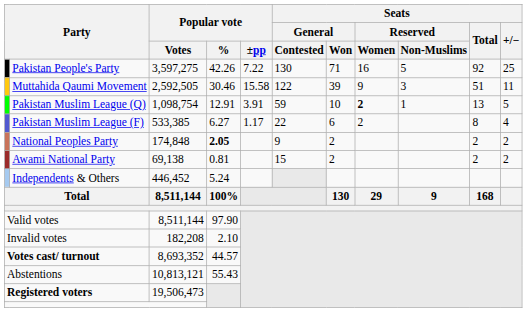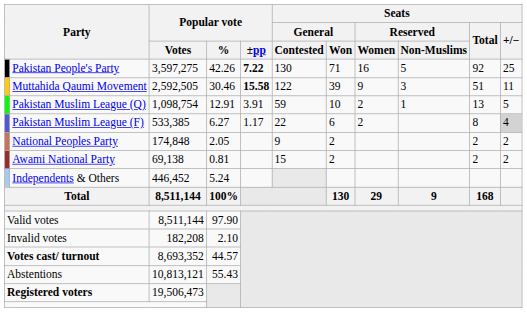 <table class="wikitable">
 <tr>
 <th colspan="2" rowspan="3">Party</th>
 <th colspan="3" rowspan="2">Popular vote</th>
 <th colspan="6">Seats</th>
 </tr>
 <tr>
 <th colspan="2">General</th>
 <th colspan="2">Reserved</th>
 <th rowspan="2">Total</th>
 <th rowspan="2"><strong>+/−</strong></th>
 </tr>
 <tr>
 <th>Votes</th>
 <th>%</th>
 <th>±<a href='#'>pp</a></th>
 <th>Contested</th>
 <th>Won</th>
 <th>Women</th>
 <th>Non-Muslims</th>
 </tr>
 <tr>
 <td style="color:inherit;background:#000000"></td>
 <td><a href='#'>Pakistan People's Party</a></td>
 <td>3,597,275</td>
 <td>42.26</td>
-<td>7.22</td>
+<td><strong>7.22</strong></td>
 <td>130</td>
 <td>71</td>
 <td>16</td>
 <td>5</td>
 <td>92</td>
 <td>25</td>
 </tr>
 <tr>
 <td style="color:inherit;background:#ffc90e"></td>
 <td><a href='#'>Muttahida Qaumi Movement</a></td>
 <td>2,592,505</td>
 <td>30.46</td>
-<td>15.58</td>
+<td><strong>15.58</strong></td>
 <td>122</td>
 <td>39</td>
 <td>9</td>
 <td>3</td>
 <td>51</td>
 <td>11</td>
 </tr>
 <tr>
 <td style="color:inherit;background:#00ff00"></td>
 <td><a href='#'>Pakistan Muslim League (Q)</a></td>
 <td>1,098,754</td>
 <td>12.91</td>
 <td>3.91</td>
 <td>59</td>
 <td>10</td>
-<td><strong>2</strong></td>
+<td>2</td>
 <td>1</td>
 <td>13</td>
 <td>5</td>
 </tr>
 <tr>
 <td style="color:inherit;background:#5159d0"></td>
 <td><a href='#'>Pakistan Muslim League (F)</a></td>
 <td>533,385</td>
 <td>6.27</td>
 <td>1.17</td>
 <td>22</td>
 <td>6</td>
 <td>2</td>
 <td></td>
 <td>8</td>
-<td>4</td>
+<td style="background: lightgrey;">4</td>
 </tr>
 <tr>
 <td style="color:inherit;background:#c9735a"></td>
 <td><a href='#'>National Peoples Party</a></td>
 <td>174,848</td>
-<td><strong>2.05</strong></td>
+<td>2.05</td>
 <td></td>
 <td>9</td>
 <td>2</td>
 <td></td>
 <td></td>
 <td>2</td>
 <td>2</td>
 </tr>
 <tr>
 <td style="color:inherit;background:#9b2b2b"></td>
 <td><a href='#'>Awami National Party</a></td>
 <td>69,138</td>
 <td>0.81</td>
 <td></td>
 <td>15</td>
 <td>2</td>
 <td></td>
 <td></td>
 <td>2</td>
 <td>2</td>
 </tr>
 <tr>
 <td style="color:inherit;background:#a6caf0"></td>
 <td><a href='#'>Independents</a> & Others</td>
 <td>446,452</td>
 <td>5.24</td>
 <td></td>
 <td style="background-color:#E9E9E9"></td>
 <td></td>
 <td></td>
 <td></td>
 <td></td>
 <td></td>
 </tr>
 <tr>
 <th colspan="2">Total</th>
 <th>8,511,144</th>
 <th>100%</th>
 <th colspan="2" style="background-color:#E9E9E9"></th>
 <th>130</th>
 <th>29</th>
 <th>9</th>
 <th>168</th>
 <th></th>
 </tr>
 <tr>
 <th colspan="11"></th>
 </tr>
 <tr>
 <td colspan="2" style="text-align:left;">Valid votes</td>
 <td align="right">8,511,144</td>
 <td align="right">97.90</td>
 <th colspan="7" rowspan="6" style="background-color:#E9E9E9"></th>
 </tr>
 <tr>
 <td colspan="2" style="text-align:left;">Invalid votes</td>
 <td align="right">182,208</td>
 <td align="right">2.10</td>
 </tr>
 <tr>
 <td colspan="2" style="text-align:left;"><strong>Votes cast/ turnout</strong></td>
 <td align="right">8,693,352</td>
 <td align="right">44.57</td>
 </tr>
 <tr>
 <td colspan="2" style="text-align:left;">Abstentions</td>
 <td align="right">10,813,121</td>
 <td align="right">55.43</td>
 </tr>
 <tr>
 <td colspan="2" style="text-align:left;"><strong>Registered voters</strong></td>
 <td align="right">19,506,473</td>
 <td rowspan="2" style="background-color:#E9E9E9"></td>
 </tr>
 <tr>
 <td colspan="3"></td>
 </tr>
 </table>
